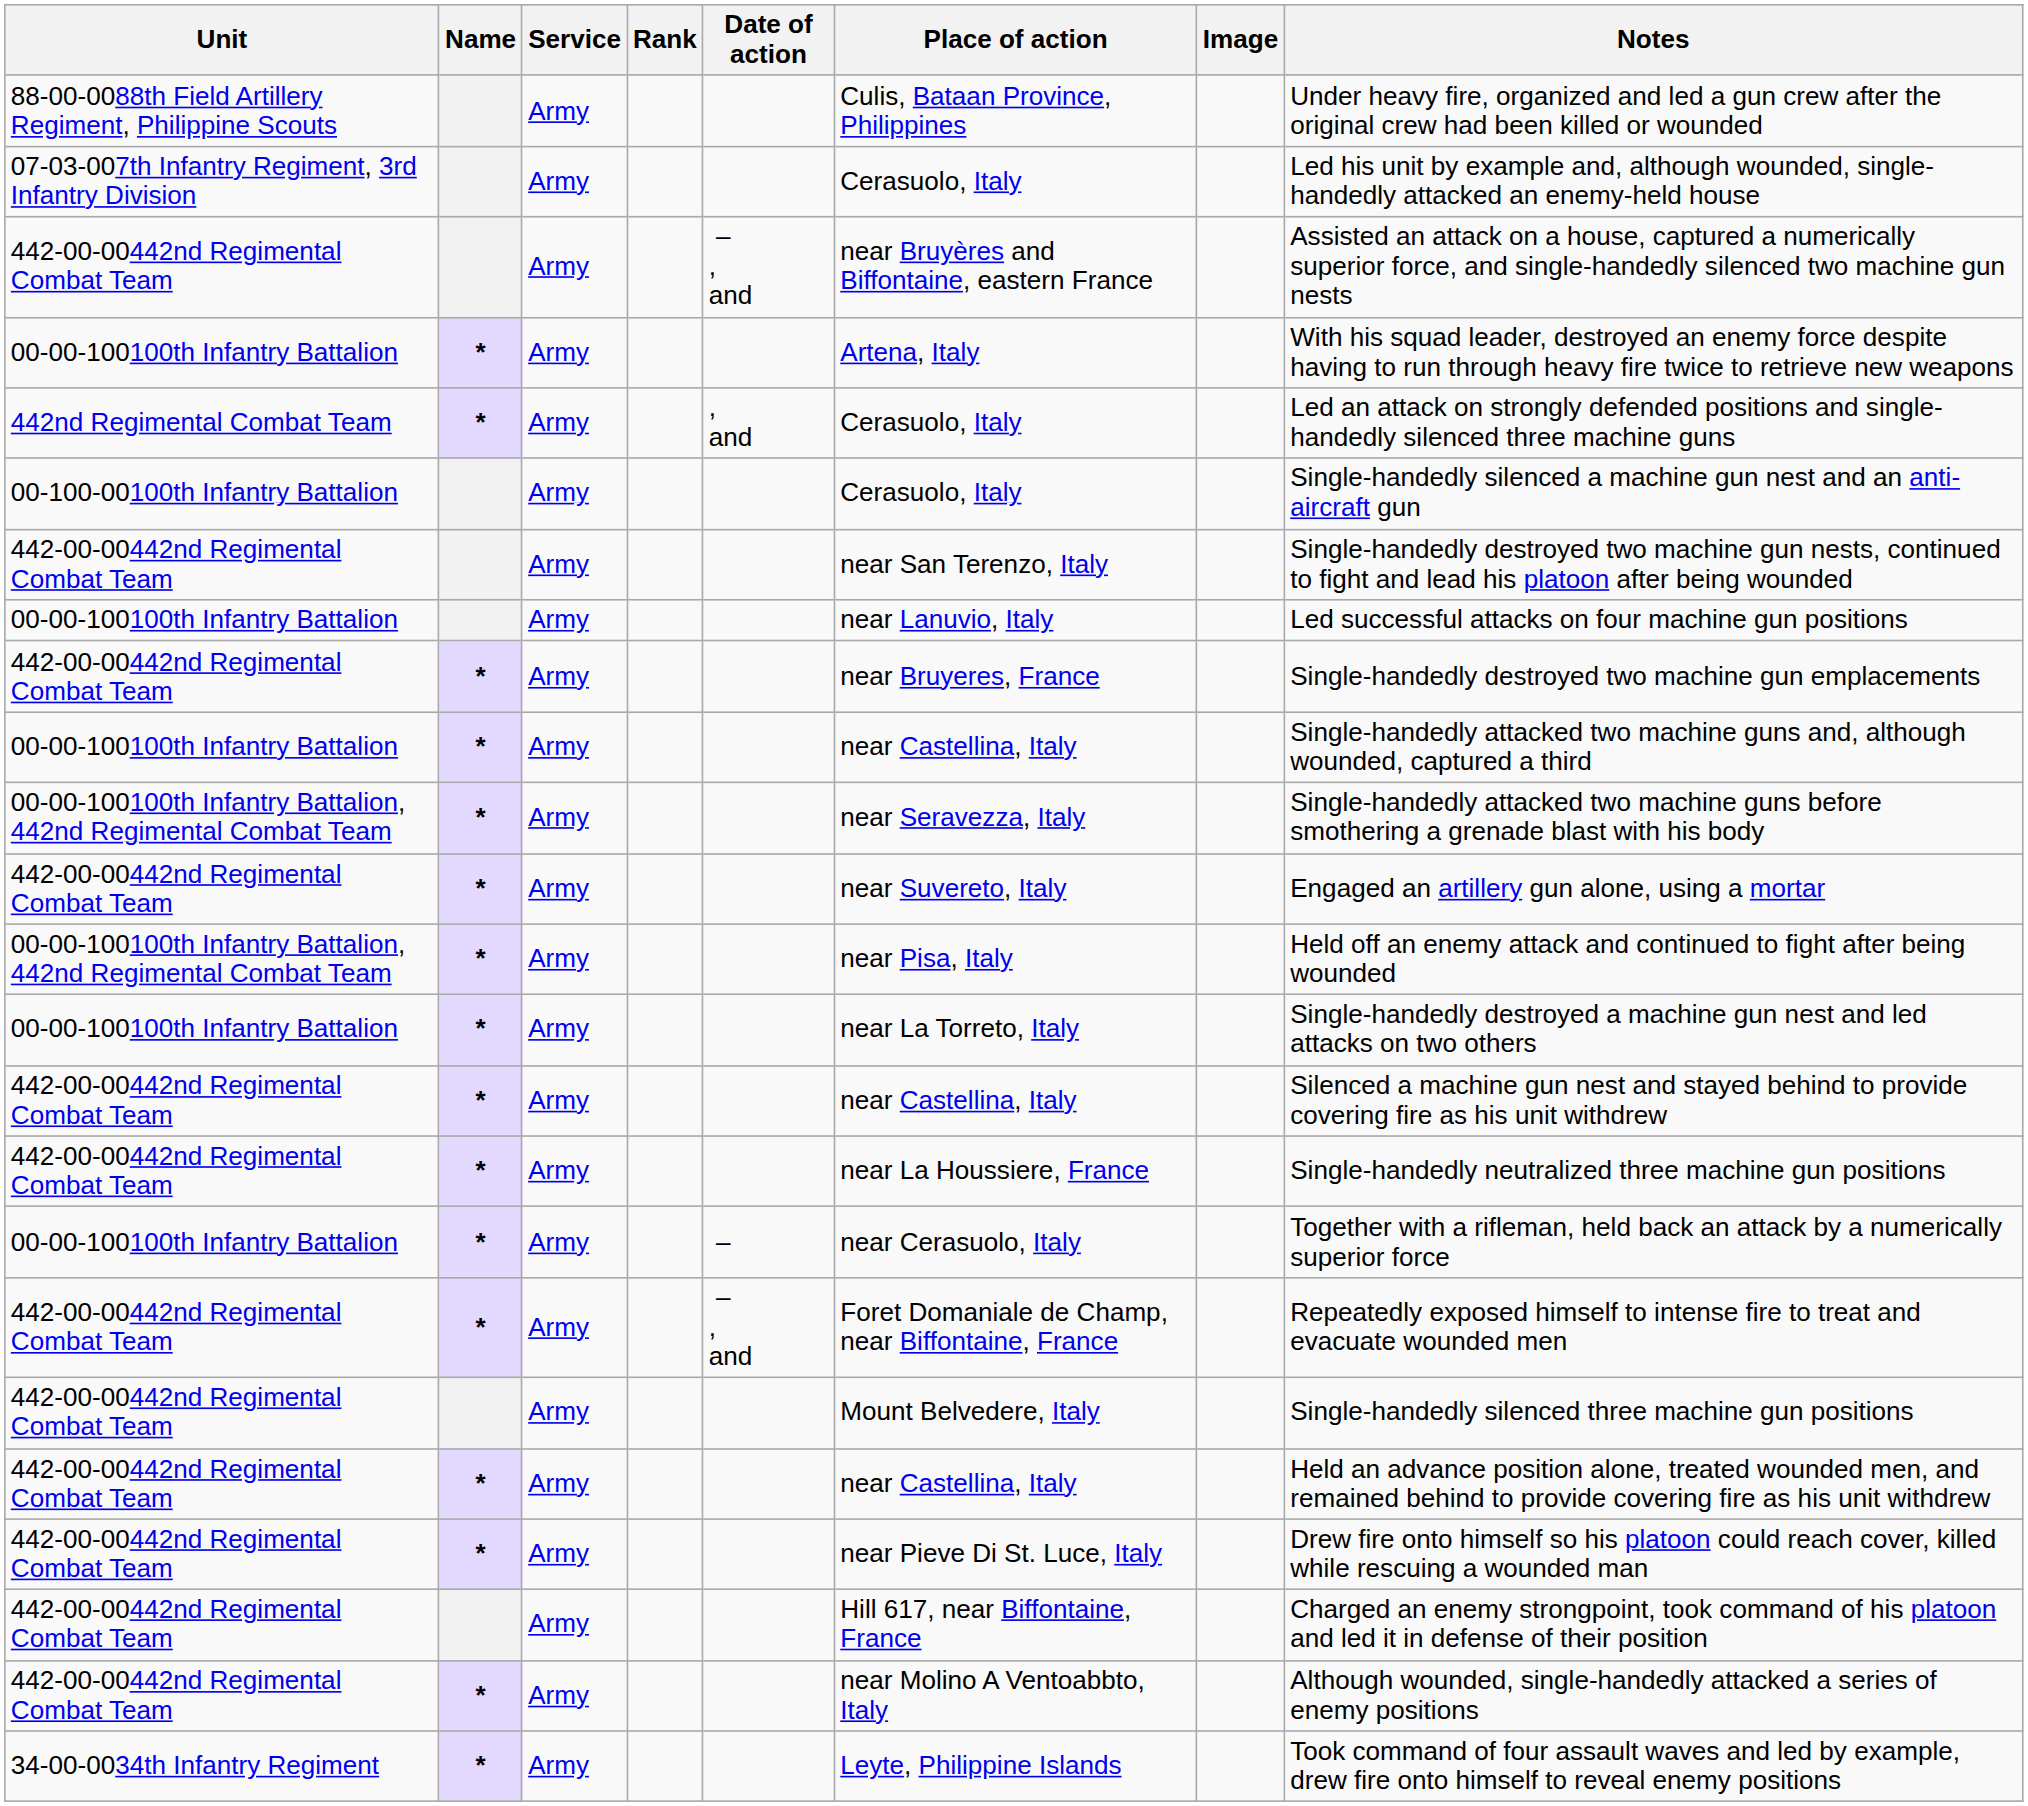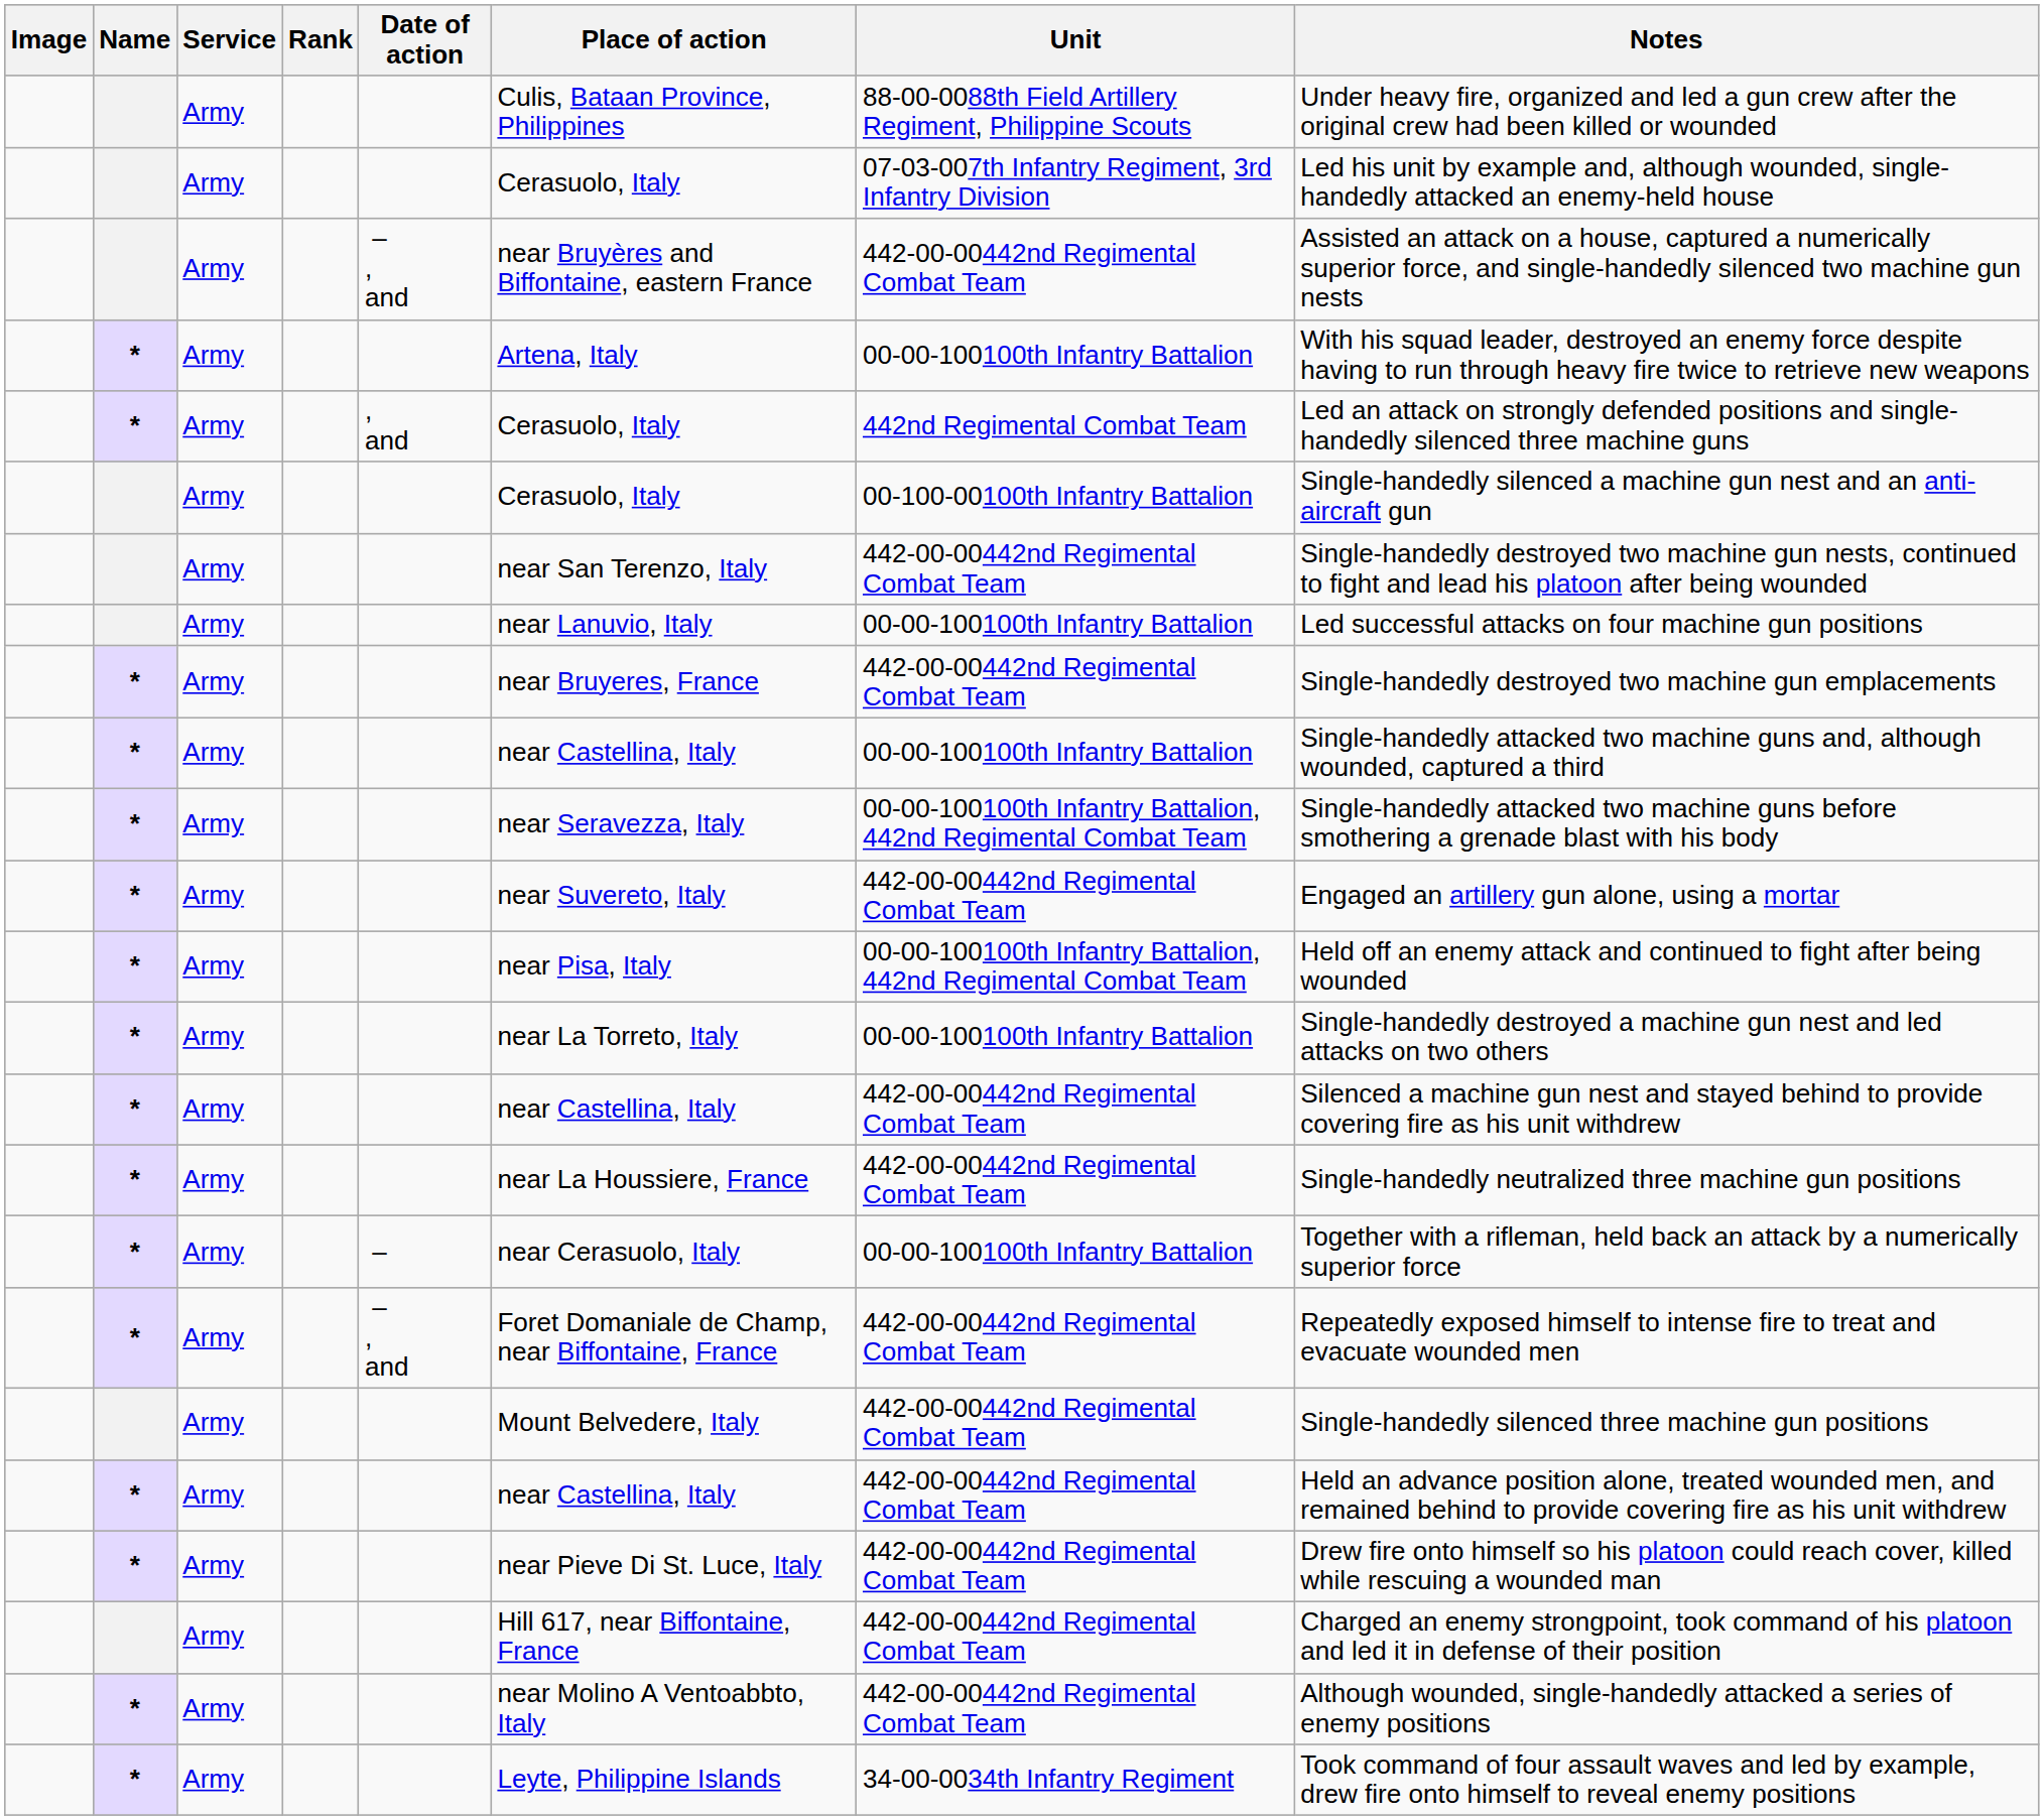 <table class="wikitable sortable plainrowheaders" width="98%">
 <tr>
-<th scope=col>Unit</th>
+<th scope=col class="unsortable">Image</th>
 <th scope=col>Name</th>
 <th scope=col>Service</th>
 <th scope=col>Rank</th>
 <th scope=col>Date of action</th>
 <th scope=col>Place of action</th>
-<th scope=col class="unsortable">Image</th>
+<th scope=col>Unit</th>
 <th class="unsortable">Notes</th>
 </tr>
 <tr>
-<td><span>88-00-00</span><a href='#'>88th Field Artillery Regiment</a>, <a href='#'>Philippine Scouts</a></td>
+<td></td>
 <th scope=row></th>
 <td><a href='#'>Army</a></td>
 <td></td>
 <td></td>
 <td>Culis, <a href='#'>Bataan Province</a>, <a href='#'>Philippines</a></td>
-<td></td>
+<td><span>88-00-00</span><a href='#'>88th Field Artillery Regiment</a>, <a href='#'>Philippine Scouts</a></td>
 <td>Under heavy fire, organized and led a gun crew after the original crew had been killed or wounded</td>
 </tr>
 <tr>
-<td><span>07-03-00</span><a href='#'>7th Infantry Regiment</a>, <a href='#'>3rd Infantry Division</a></td>
+<td></td>
 <th scope=row></th>
 <td><a href='#'>Army</a></td>
 <td></td>
 <td></td>
 <td>Cerasuolo, <a href='#'>Italy</a></td>
-<td></td>
+<td><span>07-03-00</span><a href='#'>7th Infantry Regiment</a>, <a href='#'>3rd Infantry Division</a></td>
 <td>Led his unit by example and, although wounded, single-handedly attacked an enemy-held house</td>
 </tr>
 <tr>
-<td><span>442-00-00</span><a href='#'>442nd Regimental Combat Team</a></td>
+<td></td>
 <th scope=row></th>
 <td><a href='#'>Army</a></td>
 <td></td>
 <td> –<br>,<br>and<br></td>
 <td>near <a href='#'>Bruyères</a> and <a href='#'>Biffontaine</a>, eastern France</td>
-<td></td>
+<td><span>442-00-00</span><a href='#'>442nd Regimental Combat Team</a></td>
 <td>Assisted an attack on a house, captured a numerically superior force, and single-handedly silenced two machine gun nests</td>
 </tr>
 <tr>
-<td><span>00-00-100</span><a href='#'>100th Infantry Battalion</a></td>
+<td></td>
 <th scope=row style="background:#e3d9ff;">*</th>
 <td><a href='#'>Army</a></td>
 <td></td>
 <td></td>
 <td><a href='#'>Artena</a>, <a href='#'>Italy</a></td>
-<td></td>
+<td><span>00-00-100</span><a href='#'>100th Infantry Battalion</a></td>
 <td>With his squad leader, destroyed an enemy force despite having to run through heavy fire twice to retrieve new weapons</td>
 </tr>
 <tr>
-<td><a href='#'>442nd Regimental Combat Team</a></td>
+<td></td>
 <th scope=row style="background:#e3d9ff;">*</th>
 <td><a href='#'>Army</a></td>
 <td></td>
 <td>,<br>and<br></td>
 <td>Cerasuolo, <a href='#'>Italy</a></td>
-<td></td>
+<td><a href='#'>442nd Regimental Combat Team</a></td>
 <td>Led an attack on strongly defended positions and single-handedly silenced three machine guns</td>
 </tr>
 <tr>
-<td><span>00-100-00</span><a href='#'>100th Infantry Battalion</a></td>
+<td></td>
 <th scope=row></th>
 <td><a href='#'>Army</a></td>
 <td></td>
 <td></td>
 <td>Cerasuolo, <a href='#'>Italy</a></td>
-<td></td>
+<td><span>00-100-00</span><a href='#'>100th Infantry Battalion</a></td>
 <td>Single-handedly silenced a machine gun nest and an <a href='#'>anti-aircraft</a> gun</td>
 </tr>
 <tr>
-<td><span>442-00-00</span><a href='#'>442nd Regimental Combat Team</a></td>
+<td></td>
 <th scope=row></th>
 <td><a href='#'>Army</a></td>
 <td></td>
 <td></td>
 <td>near San Terenzo, <a href='#'>Italy</a></td>
-<td></td>
+<td><span>442-00-00</span><a href='#'>442nd Regimental Combat Team</a></td>
 <td>Single-handedly destroyed two machine gun nests, continued to fight and lead his <a href='#'>platoon</a> after being wounded</td>
 </tr>
 <tr>
-<td><span>00-00-100</span><a href='#'>100th Infantry Battalion</a></td>
+<td></td>
 <th scope=row></th>
 <td><a href='#'>Army</a></td>
 <td></td>
 <td></td>
 <td>near <a href='#'>Lanuvio</a>, <a href='#'>Italy</a></td>
-<td></td>
+<td><span>00-00-100</span><a href='#'>100th Infantry Battalion</a></td>
 <td>Led successful attacks on four machine gun positions</td>
 </tr>
 <tr>
-<td><span>442-00-00</span><a href='#'>442nd Regimental Combat Team</a></td>
+<td></td>
 <th scope=row style="background:#e3d9ff;">*</th>
 <td><a href='#'>Army</a></td>
 <td></td>
 <td></td>
 <td>near <a href='#'>Bruyeres</a>, <a href='#'>France</a></td>
-<td></td>
+<td><span>442-00-00</span><a href='#'>442nd Regimental Combat Team</a></td>
 <td>Single-handedly destroyed two machine gun emplacements</td>
 </tr>
 <tr>
-<td><span>00-00-100</span><a href='#'>100th Infantry Battalion</a></td>
+<td></td>
 <th scope=row style="background:#e3d9ff;">*</th>
 <td><a href='#'>Army</a></td>
 <td></td>
 <td></td>
 <td>near <a href='#'>Castellina</a>, <a href='#'>Italy</a></td>
-<td></td>
+<td><span>00-00-100</span><a href='#'>100th Infantry Battalion</a></td>
 <td>Single-handedly attacked two machine guns and, although wounded, captured a third</td>
 </tr>
 <tr>
-<td><span>00-00-100</span><a href='#'>100th Infantry Battalion</a>, <a href='#'>442nd Regimental Combat Team</a></td>
+<td></td>
 <th scope=row style="background:#e3d9ff;">*</th>
 <td><a href='#'>Army</a></td>
 <td></td>
 <td></td>
 <td>near <a href='#'>Seravezza</a>, <a href='#'>Italy</a></td>
-<td></td>
+<td><span>00-00-100</span><a href='#'>100th Infantry Battalion</a>, <a href='#'>442nd Regimental Combat Team</a></td>
 <td>Single-handedly attacked two machine guns before smothering a grenade blast with his body</td>
 </tr>
 <tr>
-<td><span>442-00-00</span><a href='#'>442nd Regimental Combat Team</a></td>
+<td></td>
 <th scope=row style="background:#e3d9ff;">*</th>
 <td><a href='#'>Army</a></td>
 <td></td>
 <td></td>
 <td>near <a href='#'>Suvereto</a>, <a href='#'>Italy</a></td>
-<td></td>
+<td><span>442-00-00</span><a href='#'>442nd Regimental Combat Team</a></td>
 <td>Engaged an <a href='#'>artillery</a> gun alone, using a <a href='#'>mortar</a></td>
 </tr>
 <tr>
-<td><span>00-00-100</span><a href='#'>100th Infantry Battalion</a>, <a href='#'>442nd Regimental Combat Team</a></td>
+<td></td>
 <th scope=row style="background:#e3d9ff;">*</th>
 <td><a href='#'>Army</a></td>
 <td></td>
 <td></td>
 <td>near <a href='#'>Pisa</a>, <a href='#'>Italy</a></td>
-<td></td>
+<td><span>00-00-100</span><a href='#'>100th Infantry Battalion</a>, <a href='#'>442nd Regimental Combat Team</a></td>
 <td>Held off an enemy attack and continued to fight after being wounded</td>
 </tr>
 <tr>
-<td><span>00-00-100</span><a href='#'>100th Infantry Battalion</a></td>
+<td></td>
 <th scope=row style="background:#e3d9ff;">*</th>
 <td><a href='#'>Army</a></td>
 <td></td>
 <td></td>
 <td>near La Torreto, <a href='#'>Italy</a></td>
-<td></td>
+<td><span>00-00-100</span><a href='#'>100th Infantry Battalion</a></td>
 <td>Single-handedly destroyed a machine gun nest and led attacks on two others</td>
 </tr>
 <tr>
-<td><span>442-00-00</span><a href='#'>442nd Regimental Combat Team</a></td>
+<td></td>
 <th scope=row style="background:#e3d9ff;">*</th>
 <td><a href='#'>Army</a></td>
 <td></td>
 <td></td>
 <td>near <a href='#'>Castellina</a>, <a href='#'>Italy</a></td>
-<td></td>
+<td><span>442-00-00</span><a href='#'>442nd Regimental Combat Team</a></td>
 <td>Silenced a machine gun nest and stayed behind to provide covering fire as his unit withdrew</td>
 </tr>
 <tr>
-<td><span>442-00-00</span><a href='#'>442nd Regimental Combat Team</a></td>
+<td></td>
 <th scope=row style="background:#e3d9ff;">*</th>
 <td><a href='#'>Army</a></td>
 <td></td>
 <td></td>
 <td>near La Houssiere, <a href='#'>France</a></td>
-<td></td>
+<td><span>442-00-00</span><a href='#'>442nd Regimental Combat Team</a></td>
 <td>Single-handedly neutralized three machine gun positions</td>
 </tr>
 <tr>
-<td><span>00-00-100</span><a href='#'>100th Infantry Battalion</a></td>
+<td></td>
 <th scope=row style="background:#e3d9ff;">*</th>
 <td><a href='#'>Army</a></td>
 <td></td>
 <td> –<br></td>
 <td>near Cerasuolo, <a href='#'>Italy</a></td>
-<td></td>
+<td><span>00-00-100</span><a href='#'>100th Infantry Battalion</a></td>
 <td>Together with a rifleman, held back an attack by a numerically superior force</td>
 </tr>
 <tr>
-<td><span>442-00-00</span><a href='#'>442nd Regimental Combat Team</a></td>
+<td></td>
 <th scope=row style="background:#e3d9ff;">*</th>
 <td><a href='#'>Army</a></td>
 <td></td>
 <td> –<br>,<br>and<br></td>
 <td>Foret Domaniale de Champ, near <a href='#'>Biffontaine</a>, <a href='#'>France</a></td>
-<td></td>
+<td><span>442-00-00</span><a href='#'>442nd Regimental Combat Team</a></td>
 <td>Repeatedly exposed himself to intense fire to treat and evacuate wounded men</td>
 </tr>
 <tr>
-<td><span>442-00-00</span><a href='#'>442nd Regimental Combat Team</a></td>
+<td></td>
 <th scope=row></th>
 <td><a href='#'>Army</a></td>
 <td></td>
 <td></td>
 <td>Mount Belvedere, <a href='#'>Italy</a></td>
-<td></td>
+<td><span>442-00-00</span><a href='#'>442nd Regimental Combat Team</a></td>
 <td>Single-handedly silenced three machine gun positions</td>
 </tr>
 <tr>
-<td><span>442-00-00</span><a href='#'>442nd Regimental Combat Team</a></td>
+<td></td>
 <th scope=row style="background:#e3d9ff;">*</th>
 <td><a href='#'>Army</a></td>
 <td></td>
 <td></td>
 <td>near <a href='#'>Castellina</a>, <a href='#'>Italy</a></td>
-<td></td>
+<td><span>442-00-00</span><a href='#'>442nd Regimental Combat Team</a></td>
 <td>Held an advance position alone, treated wounded men, and remained behind to provide covering fire as his unit withdrew</td>
 </tr>
 <tr>
-<td><span>442-00-00</span><a href='#'>442nd Regimental Combat Team</a></td>
+<td></td>
 <th scope=row style="background:#e3d9ff;">*</th>
 <td><a href='#'>Army</a></td>
 <td></td>
 <td></td>
 <td>near Pieve Di St. Luce, <a href='#'>Italy</a></td>
-<td></td>
+<td><span>442-00-00</span><a href='#'>442nd Regimental Combat Team</a></td>
 <td>Drew fire onto himself so his <a href='#'>platoon</a> could reach cover, killed while rescuing a wounded man</td>
 </tr>
 <tr>
-<td><span>442-00-00</span><a href='#'>442nd Regimental Combat Team</a></td>
+<td></td>
 <th scope=row></th>
 <td><a href='#'>Army</a></td>
 <td></td>
 <td></td>
 <td>Hill 617, near <a href='#'>Biffontaine</a>, <a href='#'>France</a></td>
-<td></td>
+<td><span>442-00-00</span><a href='#'>442nd Regimental Combat Team</a></td>
 <td>Charged an enemy strongpoint, took command of his <a href='#'>platoon</a> and led it in defense of their position</td>
 </tr>
 <tr>
-<td><span>442-00-00</span><a href='#'>442nd Regimental Combat Team</a></td>
+<td></td>
 <th scope=row style="background:#e3d9ff;">*</th>
 <td><a href='#'>Army</a></td>
 <td></td>
 <td></td>
 <td>near Molino A Ventoabbto, <a href='#'>Italy</a></td>
-<td></td>
+<td><span>442-00-00</span><a href='#'>442nd Regimental Combat Team</a></td>
 <td>Although wounded, single-handedly attacked a series of enemy positions</td>
 </tr>
 <tr>
-<td><span>34-00-00</span><a href='#'>34th Infantry Regiment</a></td>
+<td></td>
 <th scope=row style="background:#e3d9ff;">*</th>
 <td><a href='#'>Army</a></td>
 <td></td>
 <td></td>
 <td><a href='#'>Leyte</a>, <a href='#'>Philippine Islands</a></td>
-<td></td>
+<td><span>34-00-00</span><a href='#'>34th Infantry Regiment</a></td>
 <td>Took command of four assault waves and led by example, drew fire onto himself to reveal enemy positions</td>
 </tr>
 </table>
